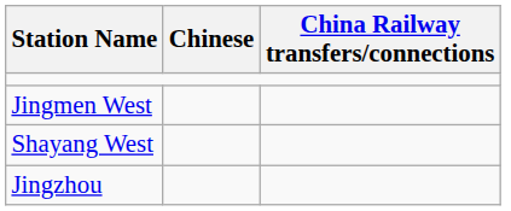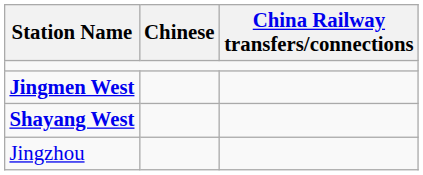 <table class="wikitable">
 <tr>
 <th>Station Name</th>
 <th>Chinese</th>
 <th><a href='#'>China Railway</a><br>transfers/connections<br></th>
 </tr>
 <tr style="background:#">
 <td colspan = "11"></td>
 </tr>
 <tr>
-<td><a href='#'>Jingmen West</a></td>
+<td><strong><a href='#'>Jingmen West</a></strong></td>
 <td></td>
 <td></td>
 </tr>
 <tr>
-<td><a href='#'>Shayang West</a></td>
+<td><strong><a href='#'>Shayang West</a></strong></td>
 <td></td>
 <td></td>
 </tr>
 <tr>
 <td><a href='#'>Jingzhou</a></td>
 <td></td>
 <td></td>
 </tr>
 </table>
